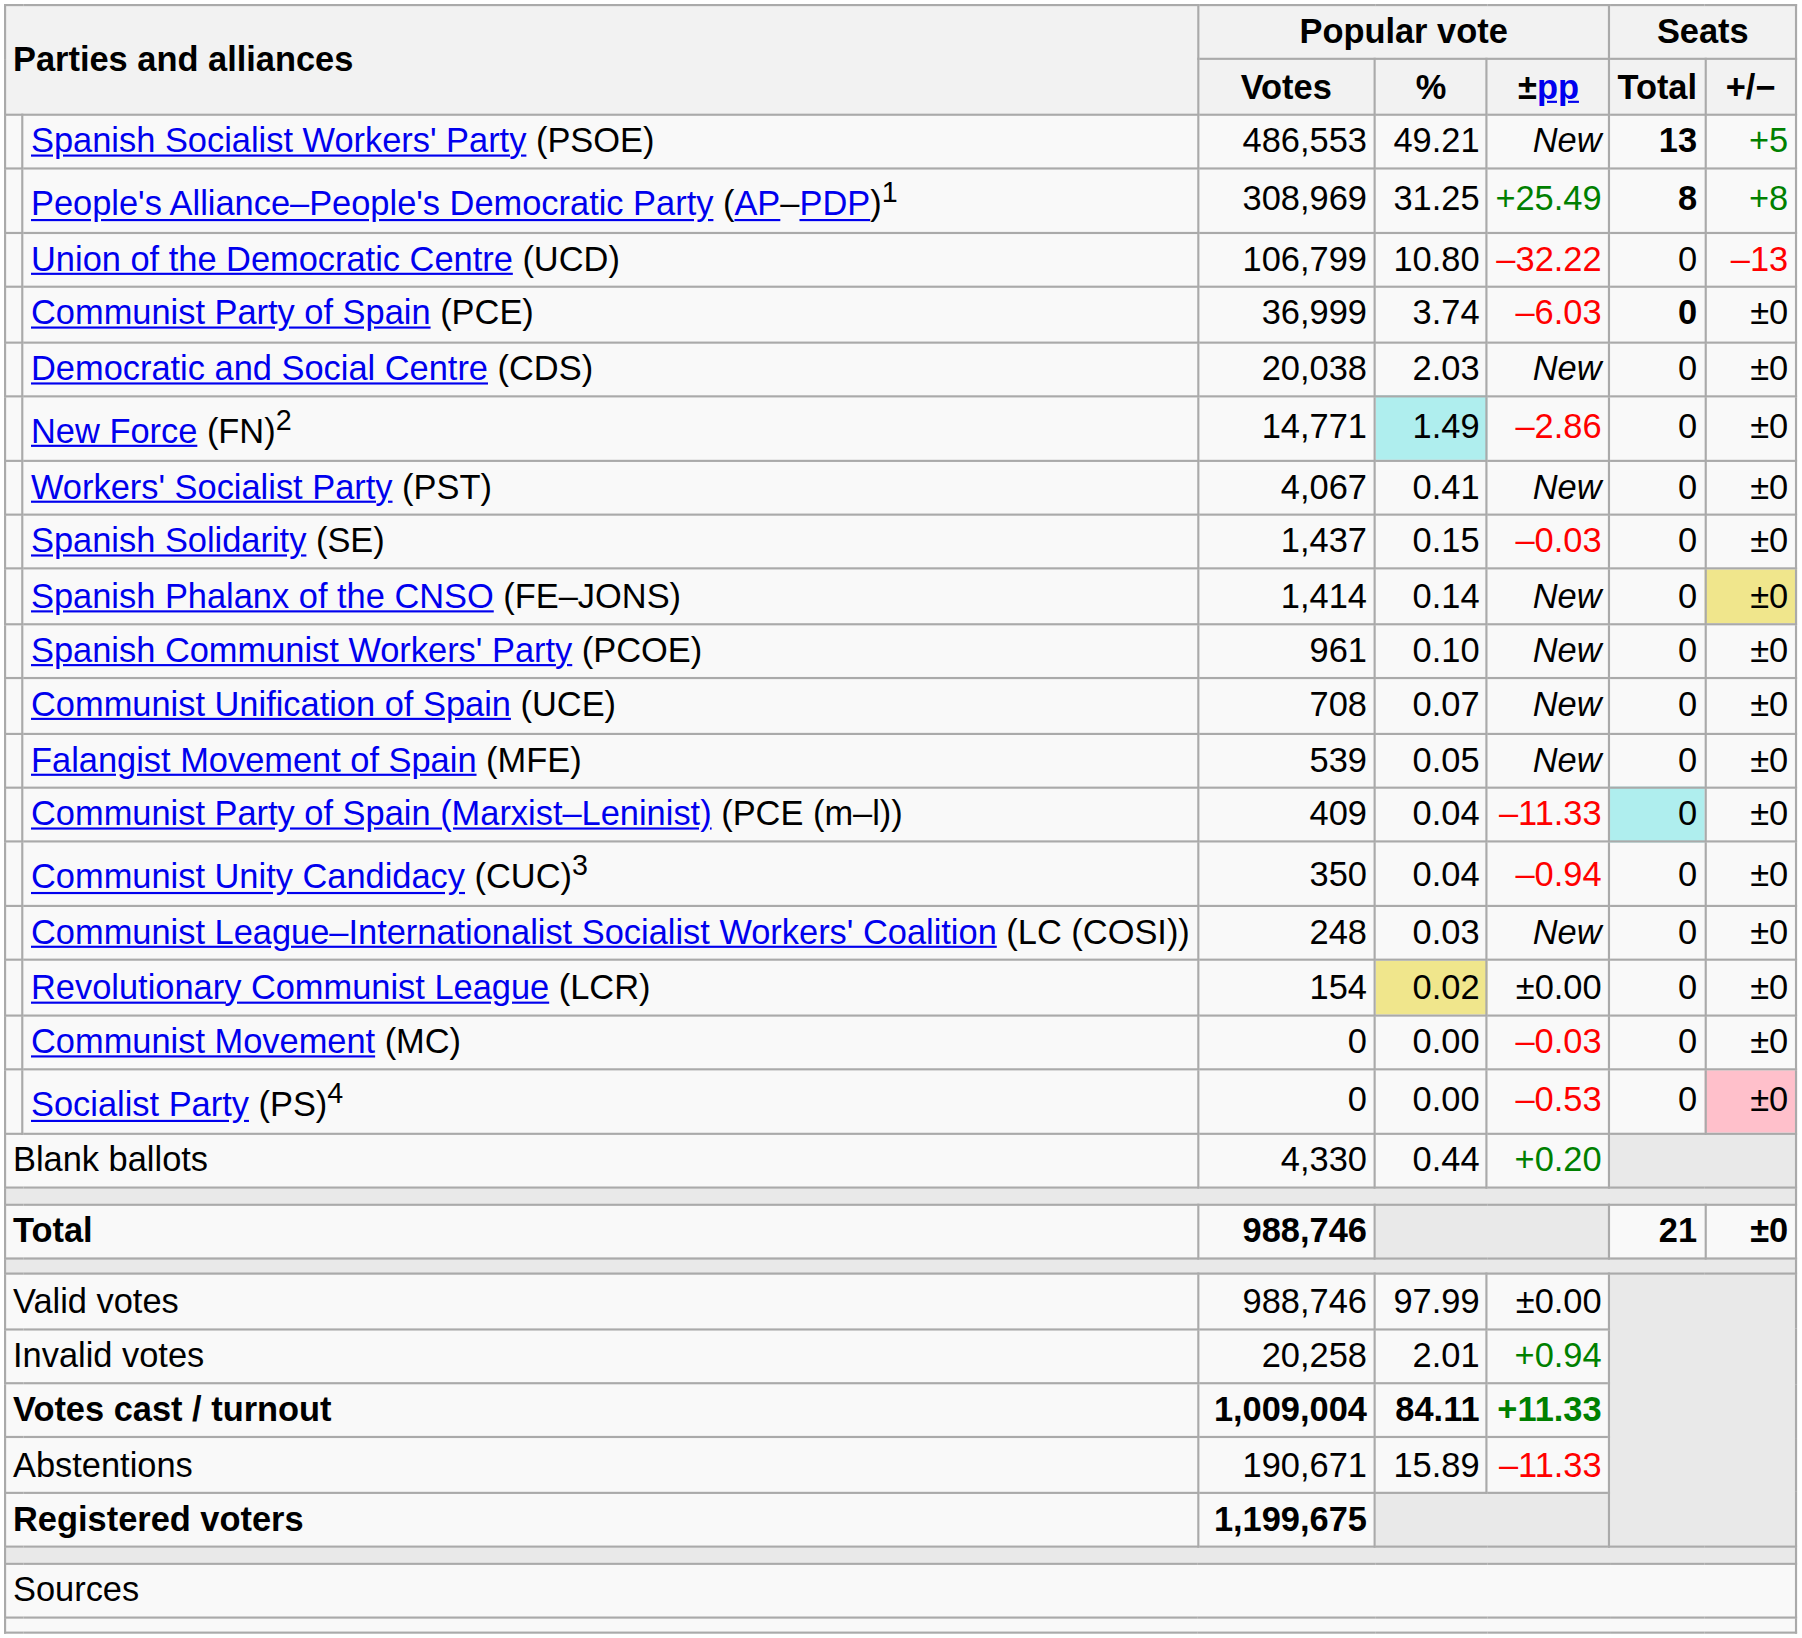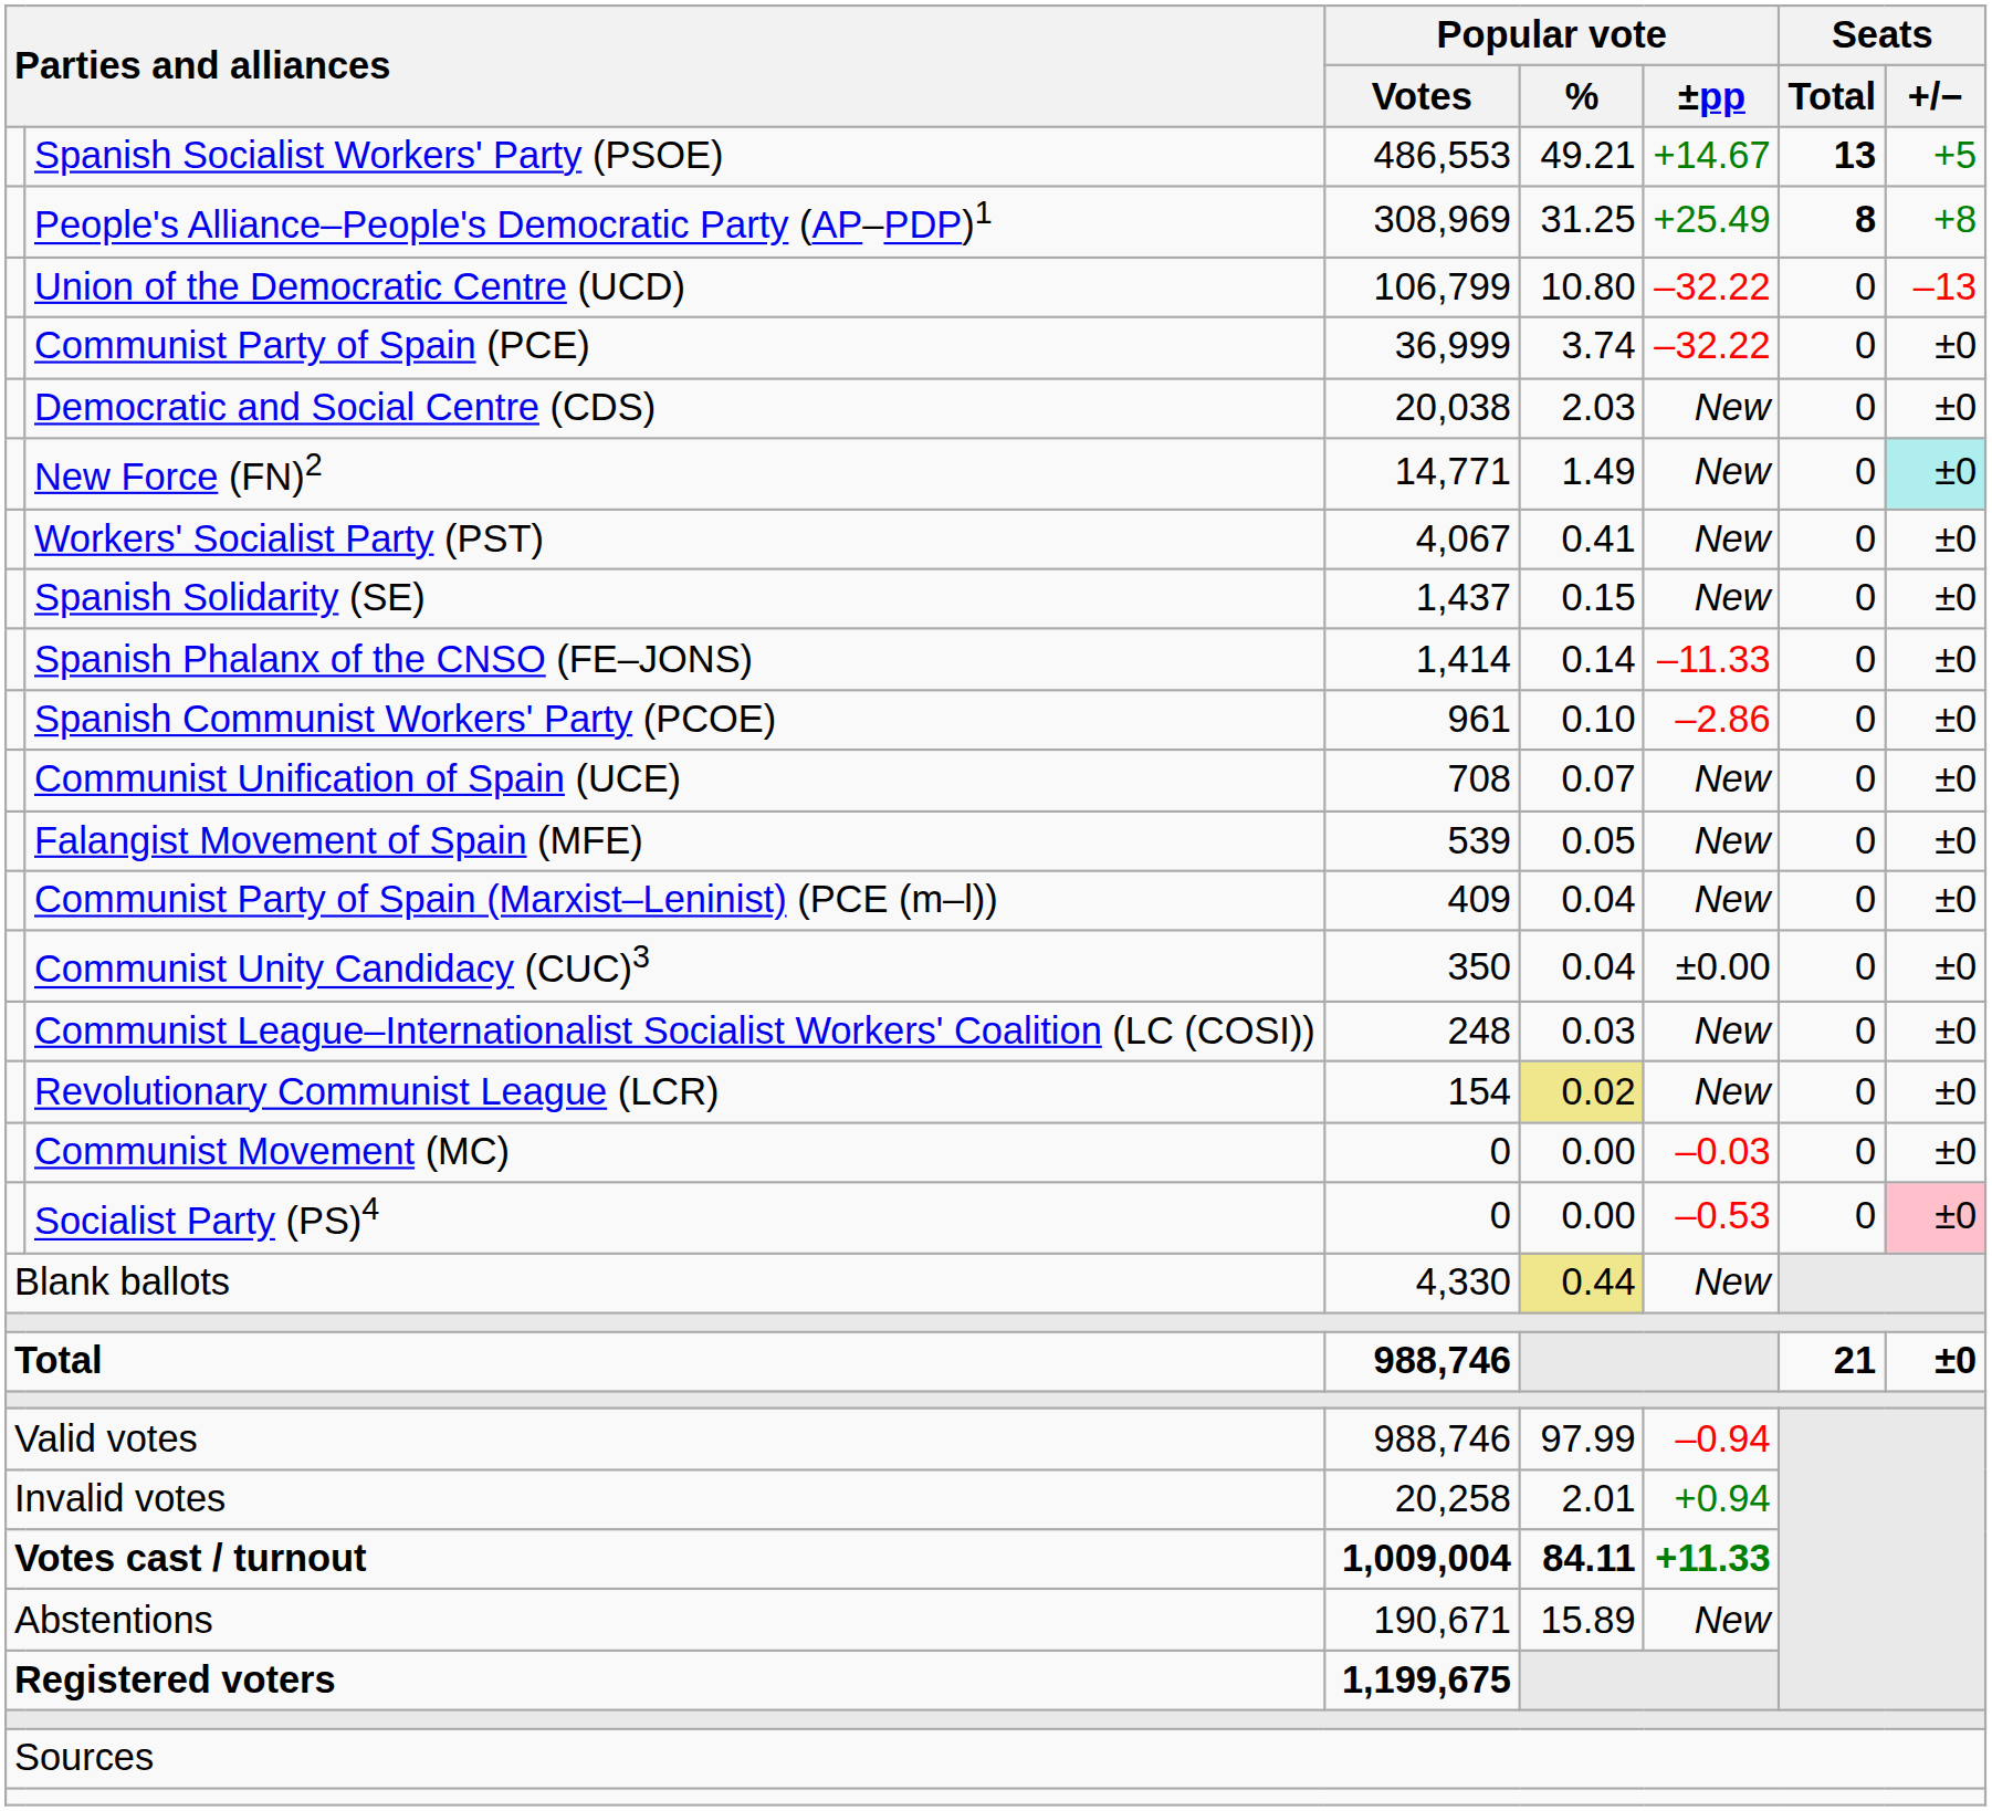 <table class="wikitable" style="text-align:right;">
 <tr>
 <th style="text-align:left;" rowspan="2" colspan="2" width="525">Parties and alliances</th>
 <th colspan="3">Popular vote</th>
 <th colspan="2">Seats</th>
 </tr>
 <tr>
 <th width="75">Votes</th>
 <th width="45">%</th>
 <th width="45">±<a href='#'>pp</a></th>
 <th width="35">Total</th>
 <th width="35">+/−</th>
 </tr>
 <tr>
 <td width="1" style="color:inherit;background:"></td>
 <td align="left"><a href='#'>Spanish Socialist Workers' Party</a> (PSOE)</td>
 <td>486,553</td>
 <td>49.21</td>
-<td><em>New</em></td>
+<td style="color:green;">+14.67</td>
 <td><strong>13</strong></td>
 <td style="color:green;">+5</td>
 </tr>
 <tr>
 <td style="color:inherit;background:"></td>
 <td align="left"><a href='#'>People's Alliance–People's Democratic Party</a> (<a href='#'>AP</a>–<a href='#'>PDP</a>)<sup>1</sup></td>
 <td>308,969</td>
 <td>31.25</td>
 <td style="color:green;">+25.49</td>
 <td><strong>8</strong></td>
 <td style="color:green;">+8</td>
 </tr>
 <tr>
 <td style="color:inherit;background:"></td>
 <td align="left"><a href='#'>Union of the Democratic Centre</a> (UCD)</td>
 <td>106,799</td>
 <td>10.80</td>
 <td style="color:red;">–32.22</td>
 <td>0</td>
 <td style="color:red;">–13</td>
 </tr>
 <tr>
 <td style="color:inherit;background:"></td>
 <td align="left"><a href='#'>Communist Party of Spain</a> (PCE)</td>
 <td>36,999</td>
 <td>3.74</td>
-<td style="color:red;">–6.03</td>
-<td><strong>0</strong></td>
+<td style="color:red;">–32.22</td>
+<td>0</td>
 <td>±0</td>
 </tr>
 <tr>
 <td style="color:inherit;background:"></td>
 <td align="left"><a href='#'>Democratic and Social Centre</a> (CDS)</td>
 <td>20,038</td>
 <td>2.03</td>
 <td><em>New</em></td>
 <td>0</td>
 <td>±0</td>
 </tr>
 <tr>
 <td style="color:inherit;background:"></td>
 <td align="left"><a href='#'>New Force</a> (FN)<sup>2</sup></td>
 <td>14,771</td>
-<td style="background: paleturquoise;">1.49</td>
-<td style="color:red;">–2.86</td>
+<td>1.49</td>
+<td><em>New</em></td>
 <td>0</td>
-<td>±0</td>
+<td style="background: paleturquoise;">±0</td>
 </tr>
 <tr>
 <td style="color:inherit;background:"></td>
 <td align="left"><a href='#'>Workers' Socialist Party</a> (PST)</td>
 <td>4,067</td>
 <td>0.41</td>
 <td><em>New</em></td>
 <td>0</td>
 <td>±0</td>
 </tr>
 <tr>
 <td style="color:inherit;background:"></td>
 <td align="left"><a href='#'>Spanish Solidarity</a> (SE)</td>
 <td>1,437</td>
 <td>0.15</td>
-<td style="color:red;">–0.03</td>
+<td><em>New</em></td>
 <td>0</td>
 <td>±0</td>
 </tr>
 <tr>
 <td style="color:inherit;background:"></td>
 <td align="left"><a href='#'>Spanish Phalanx of the CNSO</a> (FE–JONS)</td>
 <td>1,414</td>
 <td>0.14</td>
-<td><em>New</em></td>
+<td style="color:red;">–11.33</td>
 <td>0</td>
-<td style="background: khaki;">±0</td>
+<td>±0</td>
 </tr>
 <tr>
 <td style="color:inherit;background:"></td>
 <td align="left"><a href='#'>Spanish Communist Workers' Party</a> (PCOE)</td>
 <td>961</td>
 <td>0.10</td>
-<td><em>New</em></td>
+<td style="color:red;">–2.86</td>
 <td>0</td>
 <td>±0</td>
 </tr>
 <tr>
 <td style="color:inherit;background:"></td>
 <td align="left"><a href='#'>Communist Unification of Spain</a> (UCE)</td>
 <td>708</td>
 <td>0.07</td>
 <td><em>New</em></td>
 <td>0</td>
 <td>±0</td>
 </tr>
 <tr>
 <td style="color:inherit;background:"></td>
 <td align="left"><a href='#'>Falangist Movement of Spain</a> (MFE)</td>
 <td>539</td>
 <td>0.05</td>
 <td><em>New</em></td>
 <td>0</td>
 <td>±0</td>
 </tr>
 <tr>
 <td style="color:inherit;background:"></td>
 <td align="left"><a href='#'>Communist Party of Spain (Marxist–Leninist)</a> (PCE (m–l))</td>
 <td>409</td>
 <td>0.04</td>
-<td style="color:red;">–11.33</td>
-<td style="background: paleturquoise;">0</td>
+<td><em>New</em></td>
+<td>0</td>
 <td>±0</td>
 </tr>
 <tr>
 <td style="color:inherit;background:"></td>
 <td align="left"><a href='#'>Communist Unity Candidacy</a> (CUC)<sup>3</sup></td>
 <td>350</td>
 <td>0.04</td>
-<td style="color:red;">–0.94</td>
+<td>±0.00</td>
 <td>0</td>
 <td>±0</td>
 </tr>
 <tr>
 <td style="color:inherit;background:"></td>
 <td align="left"><a href='#'>Communist League–Internationalist Socialist Workers' Coalition</a> (LC (COSI))</td>
 <td>248</td>
 <td>0.03</td>
 <td><em>New</em></td>
 <td>0</td>
 <td>±0</td>
 </tr>
 <tr>
 <td style="color:inherit;background:"></td>
 <td align="left"><a href='#'>Revolutionary Communist League</a> (LCR)</td>
 <td>154</td>
 <td style="background: khaki;">0.02</td>
-<td>±0.00</td>
+<td><em>New</em></td>
 <td>0</td>
 <td>±0</td>
 </tr>
 <tr>
 <td style="color:inherit;background:"></td>
 <td align="left"><a href='#'>Communist Movement</a> (MC)</td>
 <td>0</td>
 <td>0.00</td>
 <td style="color:red;">–0.03</td>
 <td>0</td>
 <td>±0</td>
 </tr>
 <tr>
 <td style="color:inherit;background:"></td>
 <td align="left"><a href='#'>Socialist Party</a> (PS)<sup>4</sup></td>
 <td>0</td>
 <td>0.00</td>
 <td style="color:red;">–0.53</td>
 <td>0</td>
 <td style="background: pink;">±0</td>
 </tr>
 <tr>
 <td align="left" colspan="2">Blank ballots</td>
 <td>4,330</td>
-<td>0.44</td>
-<td style="color:green;">+0.20</td>
+<td style="background: khaki;">0.44</td>
+<td><em>New</em></td>
 <td bgcolor="#E9E9E9" colspan="2"></td>
 </tr>
 <tr>
 <td colspan="7" bgcolor="#E9E9E9"></td>
 </tr>
 <tr style="font-weight:bold;">
 <td align="left" colspan="2">Total</td>
 <td>988,746</td>
 <td bgcolor="#E9E9E9" colspan="2"></td>
 <td>21</td>
 <td>±0</td>
 </tr>
 <tr>
 <td colspan="7" bgcolor="#E9E9E9"></td>
 </tr>
 <tr>
 <td align="left" colspan="2">Valid votes</td>
 <td>988,746</td>
 <td>97.99</td>
-<td>±0.00</td>
+<td style="color:red;">–0.94</td>
 <td bgcolor="#E9E9E9" colspan="2" rowspan="5"></td>
 </tr>
 <tr>
 <td align="left" colspan="2">Invalid votes</td>
 <td>20,258</td>
 <td>2.01</td>
 <td style="color:green;">+0.94</td>
 </tr>
 <tr style="font-weight:bold;">
 <td align="left" colspan="2">Votes cast / turnout</td>
 <td>1,009,004</td>
 <td>84.11</td>
 <td style="color:green;">+11.33</td>
 </tr>
 <tr>
 <td align="left" colspan="2">Abstentions</td>
 <td>190,671</td>
 <td>15.89</td>
-<td style="color:red;">–11.33</td>
+<td><em>New</em></td>
 </tr>
 <tr style="font-weight:bold;">
 <td align="left" colspan="2">Registered voters</td>
 <td>1,199,675</td>
 <td bgcolor="#E9E9E9" colspan="2"></td>
 </tr>
 <tr>
 <td colspan="7" bgcolor="#E9E9E9"></td>
 </tr>
 <tr>
 <td align="left" colspan="7">Sources</td>
 </tr>
 <tr>
 <td colspan="7" style="text-align:left; max-width:790px;"></td>
 </tr>
 </table>
